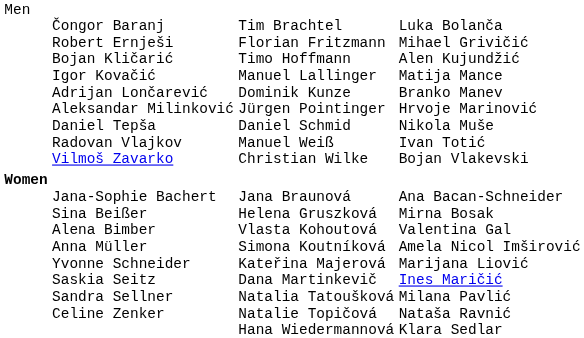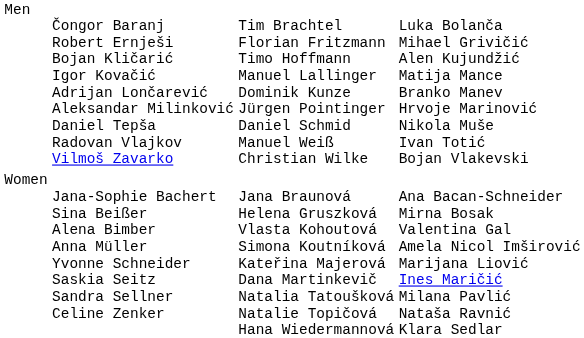 <table>
 <tr valign="top">
 <td>Men<br></td>
 <td><br>Čongor Baranj<br>Robert Ernješi<br>Bojan Kličarić<br>Igor Kovačić<br>Adrijan Lončarević<br>Aleksandar Milinković<br>Daniel Tepša<br>Radovan Vlajkov<br><a href='#'>Vilmoš Zavarko</a></td>
 <td><br>Tim Brachtel<br>Florian Fritzmann<br>Timo Hoffmann<br>Manuel Lallinger<br>Dominik Kunze<br>Jürgen Pointinger<br>Daniel Schmid<br>Manuel Weiß<br>Christian Wilke</td>
 <td><br>Luka Bolanča<br>Mihael Grivičić<br>Alen Kujundžić<br>Matija Mance<br>Branko Manev<br>Hrvoje Marinović<br>Nikola Muše<br>Ivan Totić<br>Bojan Vlakevski</td>
 </tr>
 <tr valign="top">
-<td><strong>Women<br></strong></td>
+<td>Women<br></td>
 <td><br>Jana-Sophie Bachert<br>Sina Beißer<br>Alena Bimber<br>Anna Müller<br>Yvonne Schneider<br>Saskia Seitz<br>Sandra Sellner<br>Celine Zenker</td>
 <td><br>Jana Braunová<br>Helena Gruszková<br>Vlasta Kohoutová<br>Simona Koutníková<br>Kateřina Majerová<br>Dana Martinkevič<br>Natalia Tatoušková<br>Natalie Topičová<br>Hana Wiedermannová</td>
 <td><br>Ana Bacan-Schneider<br>Mirna Bosak<br>Valentina Gal<br>Amela Nicol Imširović<br>Marijana Liović<br><a href='#'>Ines Maričić</a><br>Milana Pavlić<br>Nataša Ravnić<br>Klara Sedlar</td>
 </tr>
 </table>
